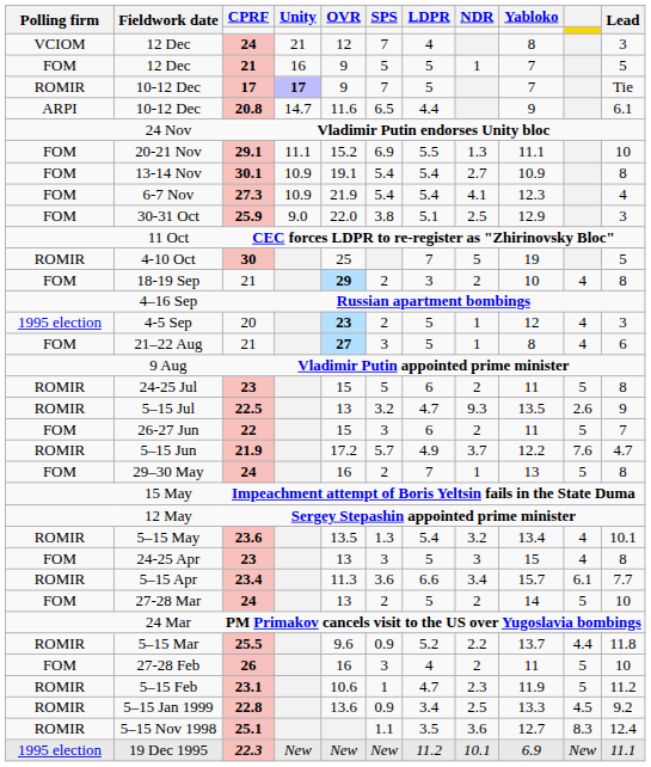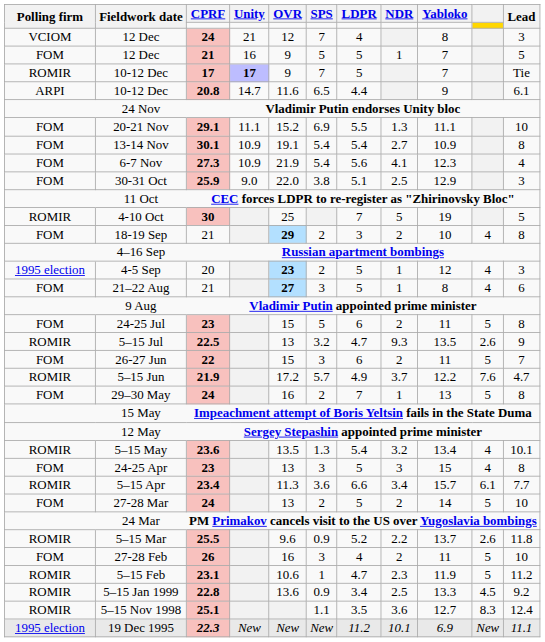 <table class="wikitable" style="text-align:center; font-size:95%; line-height:14px">
 <tr>
 <th rowspan="2" style="width:100px;">Polling firm</th>
 <th rowspan="2" style="width:100px;">Fieldwork date</th>
 <th><a href='#'>CPRF</a></th>
 <th><a href='#'>Unity</a></th>
 <th><a href='#'>OVR</a></th>
 <th><a href='#'>SPS</a></th>
 <th><a href='#'>LDPR</a></th>
 <th><a href='#'>NDR</a></th>
 <th><a href='#'>Yabloko</a></th>
 <th></th>
 <th rowspan="2">Lead</th>
 </tr>
 <tr>
 <td></td>
 <td></td>
 <td></td>
 <td></td>
 <td></td>
 <td></td>
 <td></td>
 <td bgcolor="gold"></td>
 </tr>
 <tr>
 <td>VCIOM</td>
 <td>12 Dec</td>
 <td style="background:#F8C1BE"><strong>24</strong></td>
 <td>21</td>
 <td>12</td>
 <td>7</td>
 <td>4</td>
 <th></th>
 <td>8</td>
 <th></th>
 <td><span>3</span></td>
 </tr>
 <tr>
 <td>FOM</td>
 <td>12 Dec</td>
 <td style="background:#F8C1BE"><strong>21</strong></td>
 <td>16</td>
 <td>9</td>
 <td>5</td>
 <td>5</td>
 <td>1</td>
 <td>7</td>
 <th></th>
 <td><span>5</span></td>
 </tr>
 <tr>
 <td>ROMIR</td>
 <td>10-12 Dec</td>
 <td style="background:#F8C1BE"><strong>17</strong></td>
 <td style="background:#bdbdff"><strong>17</strong></td>
 <td>9</td>
 <td>7</td>
 <td>5</td>
 <th></th>
 <td>7</td>
 <th></th>
 <td>Tie</td>
 </tr>
 <tr>
 <td>ARPI</td>
 <td>10-12 Dec</td>
 <td style="background:#F8C1BE"><strong>20.8</strong></td>
 <td>14.7</td>
 <td>11.6</td>
 <td>6.5</td>
 <td>4.4</td>
 <th></th>
 <td>9</td>
 <th></th>
 <td><span>6.1</span></td>
 </tr>
 <tr>
 <td style="border-right-style:hidden;"></td>
 <td style="border-right-style:hidden;">24 Nov</td>
 <td colspan="9" style="font-weight:bold;">Vladimir Putin endorses Unity bloc</td>
 </tr>
 <tr>
 <td>FOM</td>
 <td>20-21 Nov</td>
 <td style="background:#F8C1BE"><strong>29.1</strong></td>
 <td>11.1</td>
 <td>15.2</td>
 <td>6.9</td>
 <td>5.5</td>
 <td>1.3</td>
 <td>11.1</td>
 <th></th>
 <td><span>10</span></td>
 </tr>
 <tr>
 <td>FOM</td>
 <td>13-14 Nov</td>
 <td style="background:#F8C1BE"><strong>30.1</strong></td>
 <td>10.9</td>
 <td>19.1</td>
 <td>5.4</td>
 <td>5.4</td>
 <td>2.7</td>
 <td>10.9</td>
 <th></th>
 <td><span>8</span></td>
 </tr>
 <tr>
 <td>FOM</td>
 <td>6-7 Nov</td>
 <td style="background:#F8C1BE"><strong>27.3</strong></td>
 <td>10.9</td>
 <td>21.9</td>
 <td>5.4</td>
-<td>5.4</td>
+<td>5.6</td>
 <td>4.1</td>
 <td>12.3</td>
 <th></th>
 <td><span>4</span></td>
 </tr>
 <tr>
 <td>FOM</td>
 <td>30-31 Oct</td>
 <td style="background:#F8C1BE"><strong>25.9</strong></td>
 <td>9.0</td>
 <td>22.0</td>
 <td>3.8</td>
 <td>5.1</td>
 <td>2.5</td>
 <td>12.9</td>
 <th></th>
 <td><span>3</span></td>
 </tr>
 <tr>
 <td style="border-right-style:hidden;"></td>
 <td style="border-right-style:hidden;">11 Oct</td>
 <td colspan="9" style="font-weight:bold;"><a href='#'>CEC</a> forces LDPR to re-register as "Zhirinovsky Bloc"</td>
 </tr>
 <tr>
 <td>ROMIR</td>
 <td>4-10 Oct</td>
 <td style="background:#F8C1BE"><strong>30</strong></td>
 <th></th>
 <td>25</td>
 <th></th>
 <td>7</td>
 <td>5</td>
 <td>19</td>
 <th></th>
 <td><span>5</span></td>
 </tr>
 <tr>
 <td>FOM</td>
 <td>18-19 Sep</td>
 <td>21</td>
 <th></th>
 <td style="background:#B3E0FF"><strong>29</strong></td>
 <td>2</td>
 <td>3</td>
 <td>2</td>
 <td>10</td>
 <td>4</td>
 <td><span>8</span></td>
 </tr>
 <tr>
 <td style="border-right-style:hidden;"></td>
 <td style="border-right-style:hidden;">4–16 Sep</td>
 <td colspan="9" style="font-weight:bold;"><a href='#'>Russian apartment bombings</a></td>
 </tr>
 <tr>
 <td><a href='#'>1995 election</a></td>
 <td>4-5 Sep</td>
 <td>20</td>
 <th></th>
 <td style="background:#B3E0FF"><strong>23</strong></td>
 <td>2</td>
 <td>5</td>
 <td>1</td>
 <td>12</td>
 <td>4</td>
 <td><span>3</span></td>
 </tr>
 <tr>
 <td>FOM</td>
 <td>21–22 Aug</td>
 <td>21</td>
 <th></th>
 <td style="background:#B3E0FF"><strong>27</strong></td>
 <td>3</td>
 <td>5</td>
 <td>1</td>
 <td>8</td>
 <td>4</td>
 <td><span>6</span></td>
 </tr>
 <tr>
 <td style="border-right-style:hidden;"></td>
 <td style="border-right-style:hidden;">9 Aug</td>
 <td colspan="9" style="font-weight:bold;"><a href='#'>Vladimir Putin</a> appointed prime minister</td>
 </tr>
 <tr>
-<td>ROMIR</td>
+<td>FOM</td>
 <td>24-25 Jul</td>
 <td style="background:#F8C1BE"><strong>23</strong></td>
 <th></th>
 <td>15</td>
 <td>5</td>
 <td>6</td>
 <td>2</td>
 <td>11</td>
 <td>5</td>
 <td><span>8</span></td>
 </tr>
 <tr>
 <td>ROMIR</td>
 <td>5–15 Jul</td>
 <td style="background:#F8C1BE"><strong>22.5</strong></td>
 <th></th>
 <td>13</td>
 <td>3.2</td>
 <td>4.7</td>
 <td>9.3</td>
 <td>13.5</td>
 <td>2.6</td>
 <td><span>9</span></td>
 </tr>
 <tr>
 <td>FOM</td>
 <td>26-27 Jun</td>
 <td style="background:#F8C1BE"><strong>22</strong></td>
 <th></th>
 <td>15</td>
 <td>3</td>
 <td>6</td>
 <td>2</td>
 <td>11</td>
 <td>5</td>
 <td><span>7</span></td>
 </tr>
 <tr>
 <td>ROMIR</td>
 <td>5–15 Jun</td>
 <td style="background:#F8C1BE"><strong>21.9</strong></td>
 <th></th>
 <td>17.2</td>
 <td>5.7</td>
 <td>4.9</td>
 <td>3.7</td>
 <td>12.2</td>
 <td>7.6</td>
 <td><span>4.7</span></td>
 </tr>
 <tr>
 <td>FOM</td>
 <td>29–30 May</td>
 <td style="background:#F8C1BE"><strong>24</strong></td>
 <th></th>
 <td>16</td>
 <td>2</td>
 <td>7</td>
 <td>1</td>
 <td>13</td>
 <td>5</td>
 <td><span>8</span></td>
 </tr>
 <tr>
 <td style="border-right-style:hidden;"></td>
 <td style="border-right-style:hidden;">15 May</td>
 <td colspan="9" style="font-weight:bold;"><a href='#'>Impeachment attempt of Boris Yeltsin</a> fails in the State Duma</td>
 </tr>
 <tr>
 <td style="border-right-style:hidden;"></td>
 <td style="border-right-style:hidden;">12 May</td>
 <td colspan="9" style="font-weight:bold;"><a href='#'>Sergey Stepashin</a> appointed prime minister</td>
 </tr>
 <tr>
 <td>ROMIR</td>
 <td>5–15 May</td>
 <td style="background:#F8C1BE"><strong>23.6</strong></td>
 <th></th>
 <td>13.5</td>
 <td>1.3</td>
 <td>5.4</td>
 <td>3.2</td>
 <td>13.4</td>
 <td>4</td>
 <td><span>10.1</span></td>
 </tr>
 <tr>
 <td>FOM</td>
 <td>24-25 Apr</td>
 <td style="background:#F8C1BE"><strong>23</strong></td>
 <th></th>
 <td>13</td>
 <td>3</td>
 <td>5</td>
 <td>3</td>
 <td>15</td>
 <td>4</td>
 <td><span>8</span></td>
 </tr>
 <tr>
 <td>ROMIR</td>
 <td>5–15 Apr</td>
 <td style="background:#F8C1BE"><strong>23.4</strong></td>
 <th></th>
 <td>11.3</td>
 <td>3.6</td>
 <td>6.6</td>
 <td>3.4</td>
 <td>15.7</td>
 <td>6.1</td>
 <td><span>7.7</span></td>
 </tr>
 <tr>
 <td>FOM</td>
 <td>27-28 Mar</td>
 <td style="background:#F8C1BE"><strong>24</strong></td>
 <th></th>
 <td>13</td>
 <td>2</td>
 <td>5</td>
 <td>2</td>
 <td>14</td>
 <td>5</td>
 <td><span>10</span></td>
 </tr>
 <tr>
 <td style="border-right-style:hidden;"></td>
 <td style="border-right-style:hidden;">24 Mar</td>
 <td colspan="9" style="font-weight:bold;">PM <a href='#'>Primakov</a> cancels visit to the US over <a href='#'>Yugoslavia bombings</a></td>
 </tr>
 <tr>
 <td>ROMIR</td>
 <td>5–15 Mar</td>
 <td style="background:#F8C1BE"><strong>25.5</strong></td>
 <th></th>
 <td>9.6</td>
 <td>0.9</td>
 <td>5.2</td>
 <td>2.2</td>
 <td>13.7</td>
-<td>4.4</td>
+<td>2.6</td>
 <td><span>11.8</span></td>
 </tr>
 <tr>
 <td>FOM</td>
 <td>27-28 Feb</td>
 <td style="background:#F8C1BE"><strong>26</strong></td>
 <th></th>
 <td>16</td>
 <td>3</td>
 <td>4</td>
 <td>2</td>
 <td>11</td>
 <td>5</td>
 <td><span>10</span></td>
 </tr>
 <tr>
 <td>ROMIR</td>
 <td>5–15 Feb</td>
 <td style="background:#F8C1BE"><strong>23.1</strong></td>
 <th></th>
 <td>10.6</td>
 <td>1</td>
 <td>4.7</td>
 <td>2.3</td>
 <td>11.9</td>
 <td>5</td>
 <td><span>11.2</span></td>
 </tr>
 <tr>
 <td>ROMIR</td>
 <td>5–15 Jan 1999</td>
 <td style="background:#F8C1BE"><strong>22.8</strong></td>
 <th></th>
 <td>13.6</td>
 <td>0.9</td>
 <td>3.4</td>
 <td>2.5</td>
 <td>13.3</td>
 <td>4.5</td>
 <td><span>9.2</span></td>
 </tr>
 <tr>
 <td>ROMIR</td>
 <td>5–15 Nov 1998</td>
 <td style="background:#F8C1BE"><strong>25.1</strong></td>
 <th></th>
 <th></th>
 <td>1.1</td>
 <td>3.5</td>
 <td>3.6</td>
 <td>12.7</td>
 <td>8.3</td>
 <td><span>12.4</span></td>
 </tr>
 <tr style="background:#E9E9E9;">
 <td><a href='#'>1995 election</a></td>
 <td>19 Dec 1995</td>
 <td style="background:#F8C1BE"><strong><em>22.3</em></strong></td>
 <td><em>New </em></td>
 <td><em>New </em></td>
 <td><em>New </em></td>
 <td><em>11.2</em></td>
 <td><em>10.1</em></td>
 <td><em>6.9</em></td>
 <td><em>New</em></td>
 <td><span><em>11.1</em></span></td>
 </tr>
 </table>
